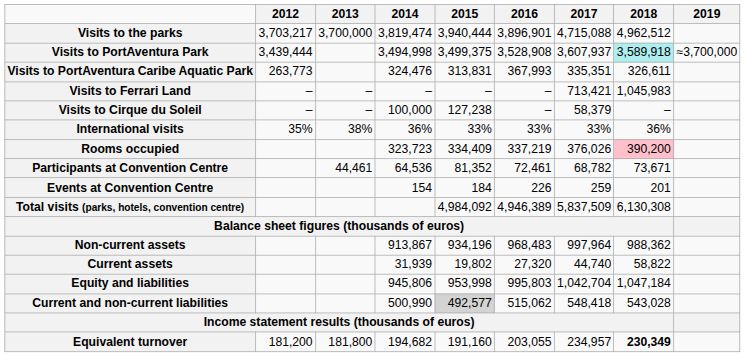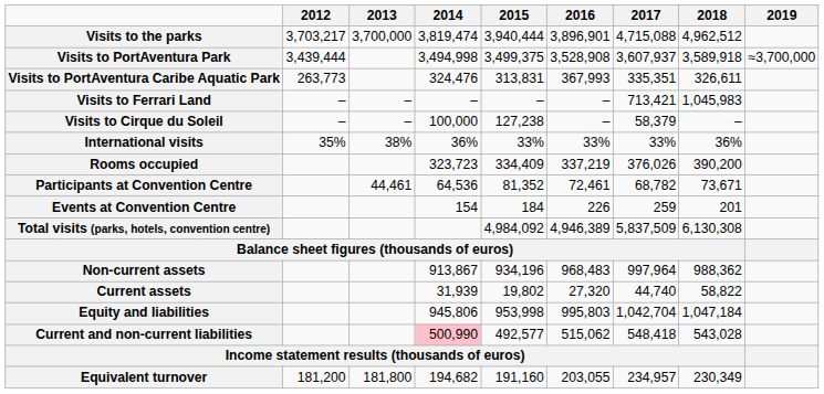 <table class=wikitable style="text-align:right;margin:1em auto;" border="4" cellpadding="3">
 <tr>
 <td></td>
 <th scope=col>2012</th>
 <th scope=col>2013</th>
 <th scope=col>2014</th>
 <th scope=col>2015</th>
 <th scope=col>2016</th>
 <th scope=col>2017</th>
 <th scope=col>2018</th>
 <th>2019</th>
 </tr>
 <tr>
 <th scope=raw>Visits to the parks</th>
 <td>3,703,217</td>
 <td>3,700,000</td>
 <td>3,819,474</td>
 <td>3,940,444</td>
 <td>3,896,901</td>
 <td>4,715,088</td>
 <td>4,962,512</td>
 <td></td>
 </tr>
 <tr>
 <th scope=raw>Visits to PortAventura Park</th>
 <td>3,439,444</td>
 <td></td>
 <td>3,494,998</td>
 <td>3,499,375</td>
 <td>3,528,908</td>
 <td>3,607,937</td>
-<td style="background: paleturquoise;">3,589,918</td>
+<td>3,589,918</td>
 <td>≈3,700,000</td>
 </tr>
 <tr>
 <th scope=raw>Visits to PortAventura Caribe Aquatic Park</th>
 <td>263,773</td>
 <td></td>
 <td>324,476</td>
 <td>313,831</td>
 <td>367,993</td>
 <td>335,351</td>
 <td>326,611</td>
 <td></td>
 </tr>
 <tr>
 <th scope=raw>Visits to Ferrari Land</th>
 <td>–</td>
 <td>–</td>
 <td>–</td>
 <td>–</td>
 <td>–</td>
 <td>713,421</td>
 <td>1,045,983</td>
 <td></td>
 </tr>
 <tr>
 <th scope=raw>Visits to Cirque du Soleil</th>
 <td>–</td>
 <td>–</td>
 <td>100,000</td>
 <td>127,238</td>
 <td>–</td>
 <td>58,379</td>
 <td>–</td>
 <td></td>
 </tr>
 <tr>
 <th scope=raw>International visits</th>
 <td>35%</td>
 <td>38%</td>
 <td>36%</td>
 <td>33%</td>
 <td>33%</td>
 <td>33%</td>
 <td>36%</td>
 <td></td>
 </tr>
 <tr>
 <th scope=raw>Rooms occupied</th>
 <td></td>
 <td></td>
 <td>323,723</td>
 <td>334,409</td>
 <td>337,219</td>
 <td>376,026</td>
-<td style="background: pink;">390,200</td>
+<td>390,200</td>
 <td></td>
 </tr>
 <tr>
 <th scope=raw>Participants at Convention Centre</th>
 <td></td>
 <td>44,461</td>
 <td>64,536</td>
 <td>81,352</td>
 <td>72,461</td>
 <td>68,782</td>
 <td>73,671</td>
 <td></td>
 </tr>
 <tr>
 <th scope=raw>Events at Convention Centre</th>
 <td></td>
 <td></td>
 <td>154</td>
 <td>184</td>
 <td>226</td>
 <td>259</td>
 <td>201</td>
 <td></td>
 </tr>
 <tr>
 <th scope=raw>Total visits <small>(parks, hotels, convention centre)</small></th>
 <td></td>
 <td></td>
 <td></td>
 <td>4,984,092</td>
 <td>4,946,389</td>
 <td>5,837,509</td>
 <td>6,130,308</td>
 <td></td>
 </tr>
 <tr>
 <th scope=raw colspan="8">Balance sheet figures (thousands of euros)</th>
 <th></th>
 </tr>
 <tr>
 <th scope=raw>Non-current assets</th>
 <td></td>
 <td></td>
 <td>913,867</td>
 <td>934,196</td>
 <td>968,483</td>
 <td>997,964</td>
 <td>988,362</td>
 <td></td>
 </tr>
 <tr>
 <th scope=raw>Current assets</th>
 <td></td>
 <td></td>
 <td>31,939</td>
 <td>19,802</td>
 <td>27,320</td>
 <td>44,740</td>
 <td>58,822</td>
 <td></td>
 </tr>
 <tr>
 <th scope=raw>Equity and liabilities</th>
 <td></td>
 <td></td>
 <td>945,806</td>
 <td>953,998</td>
 <td>995,803</td>
 <td>1,042,704</td>
 <td>1,047,184</td>
 <td></td>
 </tr>
 <tr>
 <th scope=raw>Current and non-current liabilities</th>
 <td></td>
 <td></td>
-<td>500,990</td>
-<td style="background: lightgrey;">492,577</td>
+<td style="background: pink;">500,990</td>
+<td>492,577</td>
 <td>515,062</td>
 <td>548,418</td>
 <td>543,028</td>
 <td></td>
 </tr>
 <tr>
 <th scope=raw colspan="8">Income statement results (thousands of euros)</th>
 <th></th>
 </tr>
 <tr>
 <th scope=raw>Equivalent turnover</th>
 <td>181,200</td>
 <td>181,800</td>
 <td>194,682</td>
 <td>191,160</td>
 <td>203,055</td>
 <td>234,957</td>
-<td><strong>230,349</strong></td>
+<td>230,349</td>
 <td></td>
 </tr>
 </table>
